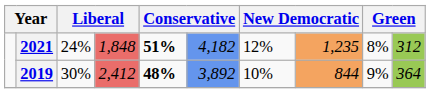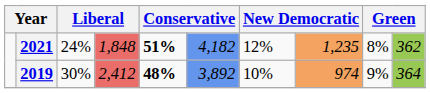 <table class="wikitable" style="float:right; width:400; font-size:90%; margin-left:1em;">
 <tr>
 <th colspan="2" scope="col">Year</th>
 <th colspan="2" scope="col"><a href='#'>Liberal</a></th>
 <th colspan="2" scope="col"><a href='#'>Conservative</a></th>
 <th colspan="2" scope="col"><a href='#'>New Democratic</a></th>
 <th colspan="2" scope="col"><a href='#'>Green</a></th>
 </tr>
 <tr>
 <td rowspan="2" style="width: 0.25em; background-color: "></td>
 <th><a href='#'>2021</a></th>
 <td>24%</td>
 <td style="text-align:right; background:#EA6D6A;"><em>1,848</em></td>
 <td><strong>51%</strong></td>
 <td style="text-align:right; background:#6495ED;"><em>4,182</em></td>
 <td>12%</td>
 <td style="text-align:right; background:#F4A460;"><em>1,235</em></td>
 <td>8%</td>
-<td style="text-align:right; background:#99C955;"><em>312</em></td>
+<td style="text-align:right; background:#99C955;"><em>362</em></td>
 </tr>
 <tr>
 <th><a href='#'>2019</a></th>
 <td>30%</td>
 <td style="text-align:right; background:#EA6D6A;"><em>2,412</em></td>
 <td><strong>48%</strong></td>
 <td style="text-align:right; background:#6495ED;"><em>3,892</em></td>
 <td>10%</td>
-<td style="text-align:right; background:#F4A460;"><em>844</em></td>
+<td style="text-align:right; background:#F4A460;"><em>974</em></td>
 <td>9%</td>
 <td style="text-align:right; background:#99C955;"><em>364</em></td>
 </tr>
 <tr>
 </tr>
 </table>
